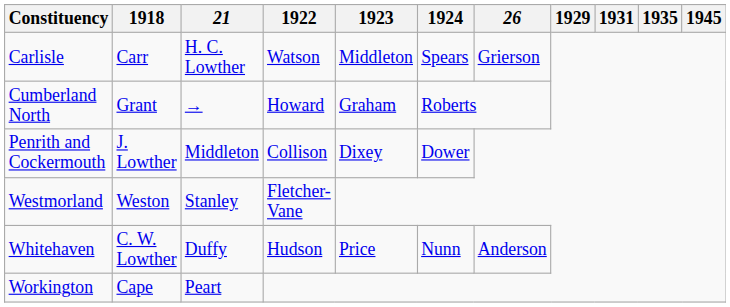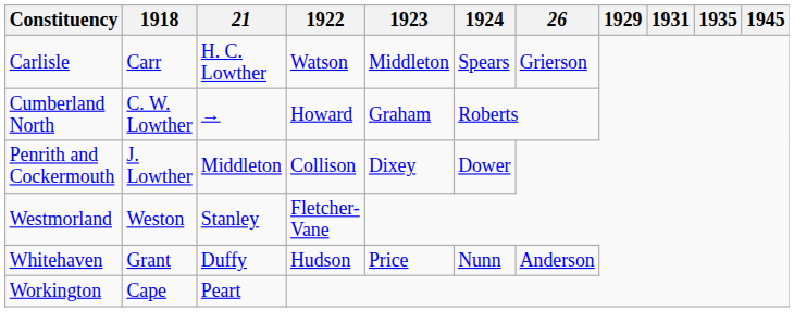 <table class="wikitable">
 <tr>
 <th>Constituency</th>
 <th>1918</th>
 <th><em>21</em></th>
 <th>1922</th>
 <th>1923</th>
 <th>1924</th>
 <th><em>26</em></th>
 <th>1929</th>
 <th>1931</th>
 <th>1935</th>
 <th>1945</th>
 </tr>
 <tr>
 <td><a href='#'>Carlisle</a></td>
 <td><a href='#'>Carr</a></td>
 <td><a href='#'>H. C. Lowther</a></td>
 <td><a href='#'>Watson</a></td>
 <td><a href='#'>Middleton</a></td>
 <td><a href='#'>Spears</a></td>
 <td><a href='#'>Grierson</a></td>
 </tr>
 <tr>
 <td><a href='#'>Cumberland North</a></td>
-<td><a href='#'>Grant</a></td>
+<td><a href='#'>C. W. Lowther</a></td>
 <td><a href='#'>→</a></td>
 <td><a href='#'>Howard</a></td>
 <td><a href='#'>Graham</a></td>
 <td colspan="2"><a href='#'>Roberts</a></td>
 </tr>
 <tr>
 <td><a href='#'>Penrith and Cockermouth</a></td>
 <td><a href='#'>J. Lowther</a></td>
 <td><a href='#'>Middleton</a></td>
 <td><a href='#'>Collison</a></td>
 <td><a href='#'>Dixey</a></td>
 <td><a href='#'>Dower</a></td>
 </tr>
 <tr>
 <td><a href='#'>Westmorland</a></td>
 <td><a href='#'>Weston</a></td>
 <td><a href='#'>Stanley</a></td>
 <td><a href='#'>Fletcher-Vane</a></td>
 </tr>
 <tr>
 <td><a href='#'>Whitehaven</a></td>
-<td><a href='#'>C. W. Lowther</a></td>
+<td><a href='#'>Grant</a></td>
 <td><a href='#'>Duffy</a></td>
 <td><a href='#'>Hudson</a></td>
 <td><a href='#'>Price</a></td>
 <td><a href='#'>Nunn</a></td>
 <td><a href='#'>Anderson</a></td>
 </tr>
 <tr>
 <td><a href='#'>Workington</a></td>
 <td><a href='#'>Cape</a></td>
 <td><a href='#'>Peart</a></td>
 </tr>
 </table>
